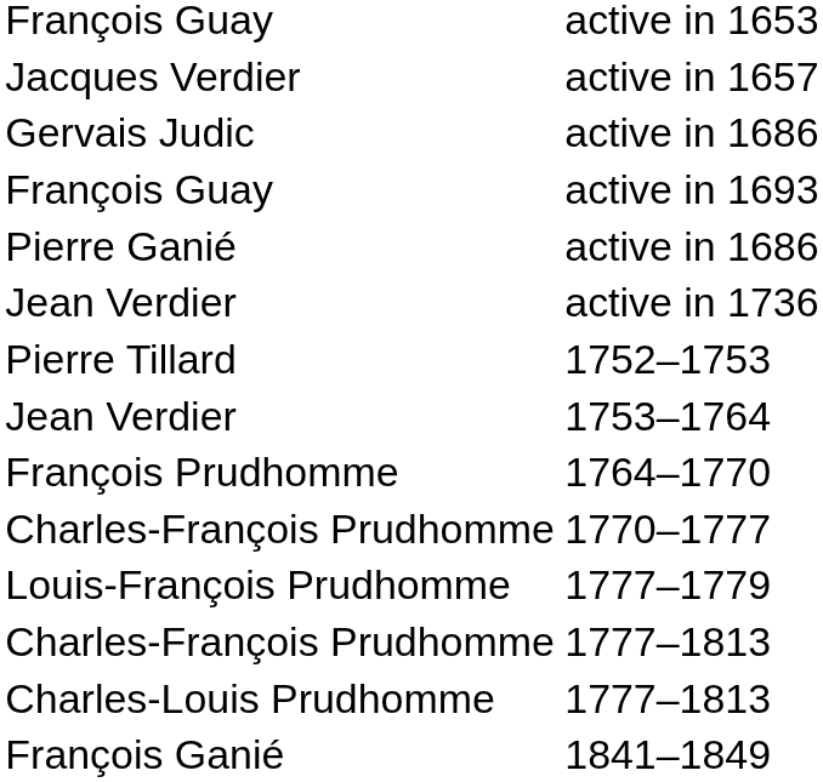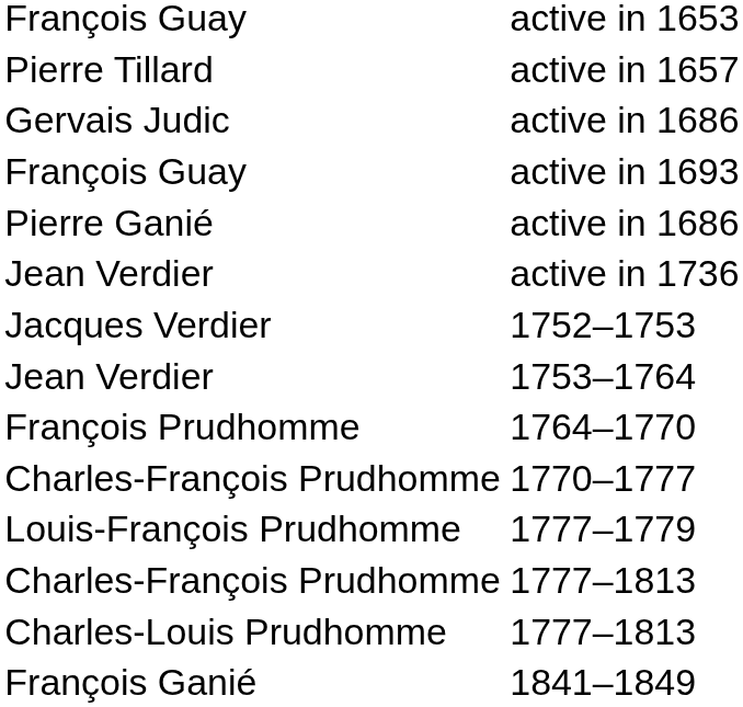 <table>
 <tr>
 <td>François Guay</td>
 <td>active in 1653</td>
 </tr>
 <tr>
-<td>Jacques Verdier</td>
+<td>Pierre Tillard</td>
 <td>active in 1657</td>
 </tr>
 <tr>
 <td>Gervais Judic</td>
 <td>active in 1686</td>
 </tr>
 <tr>
 <td>François Guay</td>
 <td>active in 1693</td>
 </tr>
 <tr>
 <td>Pierre Ganié</td>
 <td>active in 1686</td>
 </tr>
 <tr>
 <td>Jean Verdier</td>
 <td>active in 1736</td>
 </tr>
 <tr>
-<td>Pierre Tillard</td>
+<td>Jacques Verdier</td>
 <td>1752–1753</td>
 </tr>
 <tr>
 <td>Jean Verdier</td>
 <td>1753–1764</td>
 </tr>
 <tr>
 <td>François Prudhomme</td>
 <td>1764–1770</td>
 </tr>
 <tr>
 <td>Charles-François Prudhomme</td>
 <td>1770–1777</td>
 </tr>
 <tr>
 <td>Louis-François Prudhomme</td>
 <td>1777–1779</td>
 </tr>
 <tr>
 <td>Charles-François Prudhomme</td>
 <td>1777–1813</td>
 </tr>
 <tr>
 <td>Charles-Louis Prudhomme</td>
 <td>1777–1813</td>
 </tr>
 <tr>
 <td>François Ganié</td>
 <td>1841–1849</td>
 </tr>
 </table>
